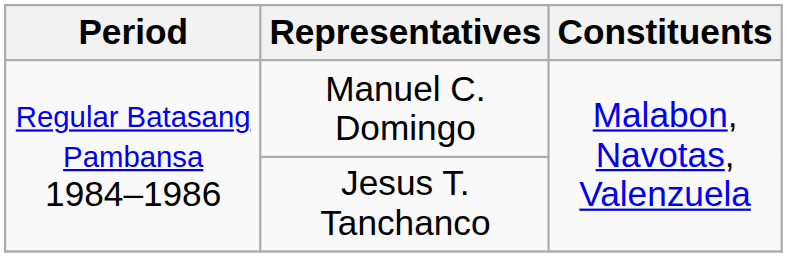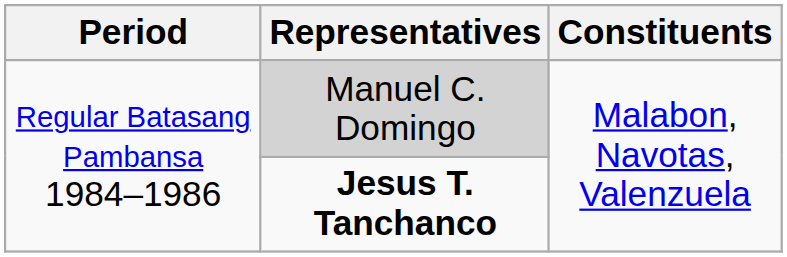 <table class="wikitable" style="text-align:center; width:40%;">
 <tr>
 <th width=40%>Period</th>
 <th>Representatives</th>
 <th>Constituents</th>
 </tr>
 <tr>
 <td rowspan=2><small><a href='#'>Regular Batasang Pambansa</a></small><br>1984–1986</td>
-<td>Manuel C. Domingo</td>
+<td style="background: lightgrey;">Manuel C. Domingo</td>
 <td rowspan=2><a href='#'>Malabon</a>, <a href='#'>Navotas</a>, <a href='#'>Valenzuela</a></td>
 </tr>
 <tr>
-<td>Jesus T. Tanchanco</td>
+<td><strong>Jesus T. Tanchanco</strong></td>
 </tr>
 </table>
